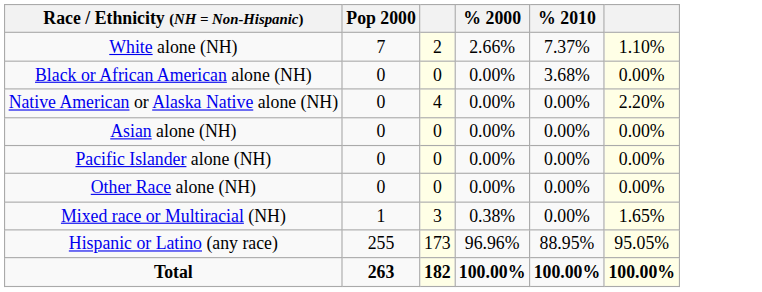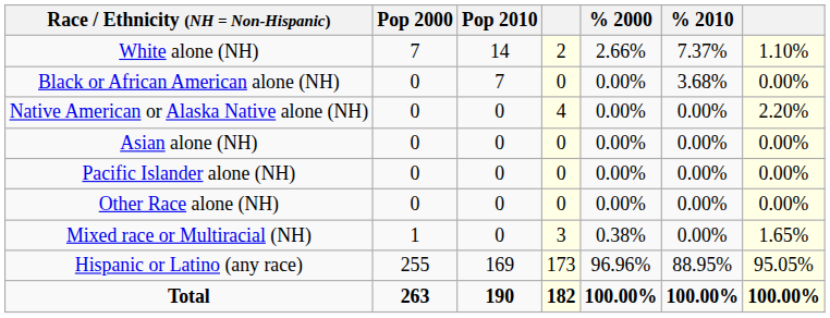 <table class="wikitable" style="text-align:center;">
 <tr>
 <th>Race / Ethnicity <small>(<em>NH = Non-Hispanic</em>)</small></th>
 <th>Pop 2000</th>
+<th>Pop 2010</th>
 <th></th>
 <th>% 2000</th>
 <th>% 2010</th>
 <th></th>
 </tr>
 <tr>
 <td><a href='#'>White</a> alone (NH)</td>
 <td>7</td>
+<td>14</td>
 <td style='background: #ffffe6;'>2</td>
 <td>2.66%</td>
 <td>7.37%</td>
 <td style='background: #ffffe6;'>1.10%</td>
 </tr>
 <tr>
 <td><a href='#'>Black or African American</a> alone (NH)</td>
 <td>0</td>
+<td>7</td>
 <td style='background: #ffffe6;'>0</td>
 <td>0.00%</td>
 <td>3.68%</td>
 <td style='background: #ffffe6;'>0.00%</td>
 </tr>
 <tr>
 <td><a href='#'>Native American</a> or <a href='#'>Alaska Native</a> alone (NH)</td>
+<td>0</td>
 <td>0</td>
 <td style='background: #ffffe6;'>4</td>
 <td>0.00%</td>
 <td>0.00%</td>
 <td style='background: #ffffe6;'>2.20%</td>
 </tr>
 <tr>
 <td><a href='#'>Asian</a> alone (NH)</td>
 <td>0</td>
+<td>0</td>
 <td style='background: #ffffe6;'>0</td>
 <td>0.00%</td>
 <td>0.00%</td>
 <td style='background: #ffffe6;'>0.00%</td>
 </tr>
 <tr>
 <td><a href='#'>Pacific Islander</a> alone (NH)</td>
+<td>0</td>
 <td>0</td>
 <td style='background: #ffffe6;'>0</td>
 <td>0.00%</td>
 <td>0.00%</td>
 <td style='background: #ffffe6;'>0.00%</td>
 </tr>
 <tr>
 <td><a href='#'>Other Race</a> alone (NH)</td>
 <td>0</td>
+<td>0</td>
 <td style='background: #ffffe6;'>0</td>
 <td>0.00%</td>
 <td>0.00%</td>
 <td style='background: #ffffe6;'>0.00%</td>
 </tr>
 <tr>
 <td><a href='#'>Mixed race or Multiracial</a> (NH)</td>
 <td>1</td>
+<td>0</td>
 <td style='background: #ffffe6;'>3</td>
 <td>0.38%</td>
 <td>0.00%</td>
 <td style='background: #ffffe6;'>1.65%</td>
 </tr>
 <tr>
 <td><a href='#'>Hispanic or Latino</a> (any race)</td>
 <td>255</td>
+<td>169</td>
 <td style='background: #ffffe6;'>173</td>
 <td>96.96%</td>
 <td>88.95%</td>
 <td style='background: #ffffe6;'>95.05%</td>
 </tr>
 <tr>
 <td><strong>Total</strong></td>
 <td><strong>263</strong></td>
+<td><strong>190</strong></td>
 <td style='background: #ffffe6;'><strong>182</strong></td>
 <td><strong>100.00%</strong></td>
 <td><strong>100.00%</strong></td>
 <td style='background: #ffffe6;'><strong>100.00%</strong></td>
 </tr>
 </table>
